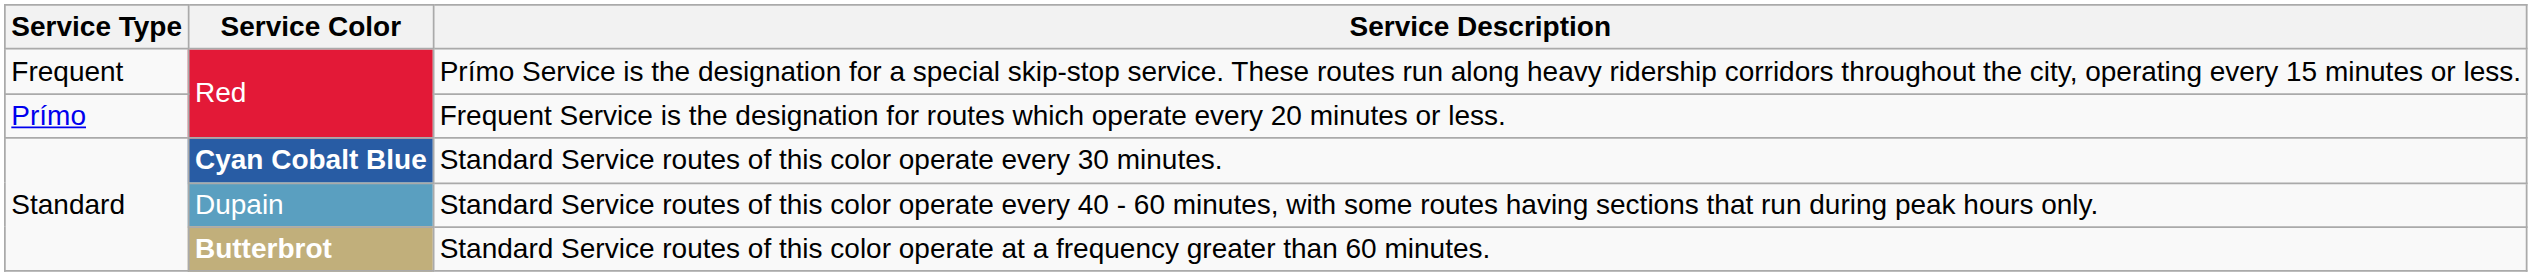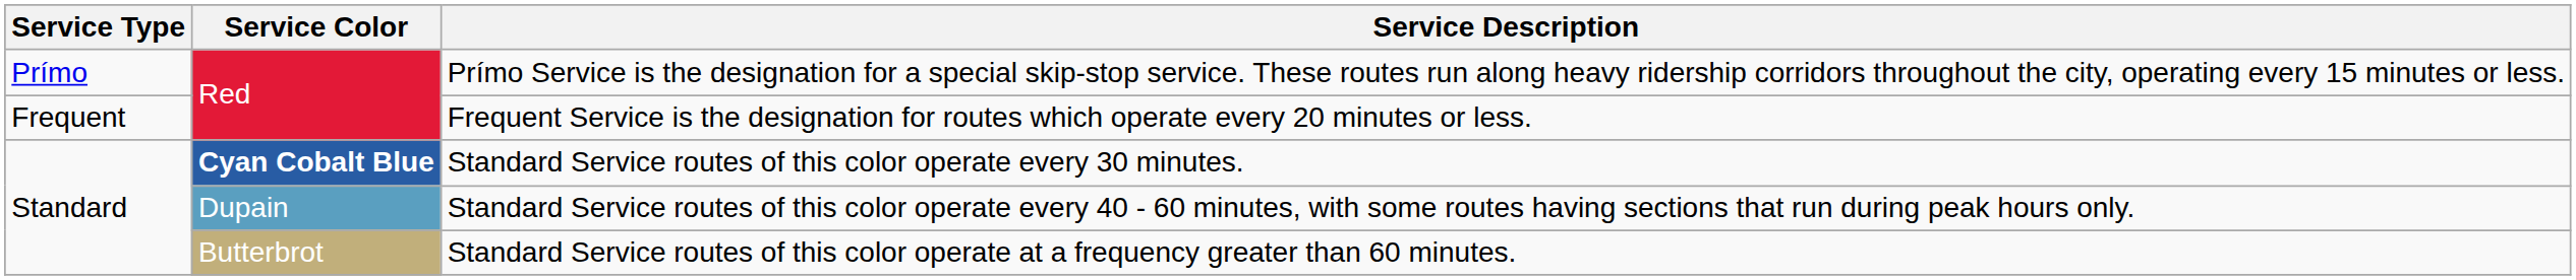 <table class="sortable wikitable">
 <tr>
 <th>Service Type</th>
 <th class="unsortable">Service Color</th>
 <th class="unsortable">Service Description</th>
 </tr>
 <tr>
-<td>Frequent</td>
+<td><a href='#'>Prímo</a></td>
 <td rowspan="2" style="background:#E31937; color:white">Red</td>
 <td>Prímo Service is the designation for a special skip-stop service. These routes run along heavy ridership corridors throughout the city, operating every 15 minutes or less.</td>
 </tr>
 <tr>
-<td><a href='#'>Prímo</a></td>
+<td>Frequent</td>
 <td>Frequent Service is the designation for routes which operate every 20 minutes or less.</td>
 </tr>
 <tr>
 <td rowspan = "3">Standard</td>
 <td style="background:#285ca4;color:white"><strong>Cyan Cobalt Blue</strong></td>
 <td>Standard Service routes of this color operate every 30 minutes.</td>
 </tr>
 <tr>
 <td style="background:#5a9fc0;color:white">Dupain</td>
 <td>Standard Service routes of this color operate every 40 - 60 minutes, with some routes having sections that run during peak hours only.</td>
 </tr>
 <tr>
-<td style="background:#c1af7b;color:white"><strong>Butterbrot</strong></td>
+<td style="background:#c1af7b;color:white">Butterbrot</td>
 <td>Standard Service routes of this color operate at a frequency greater than 60 minutes.</td>
 </tr>
 </table>
